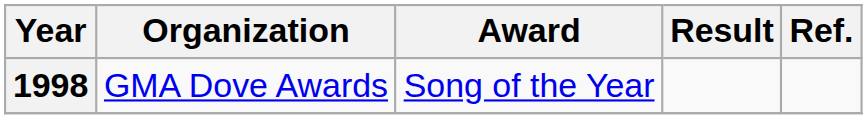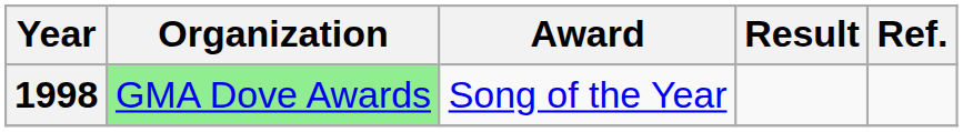 <table class="wikitable plainrowheaders">
 <tr>
 <th>Year</th>
 <th>Organization</th>
 <th>Award</th>
 <th>Result</th>
 <th>Ref.</th>
 </tr>
 <tr>
 <th rowspan="1" scope="row">1998</th>
-<td><a href='#'>GMA Dove Awards</a></td>
+<td style="background: lightgreen;"><a href='#'>GMA Dove Awards</a></td>
 <td><a href='#'>Song of the Year</a></td>
 <td></td>
 <td></td>
 </tr>
 <tr>
 </tr>
 </table>
